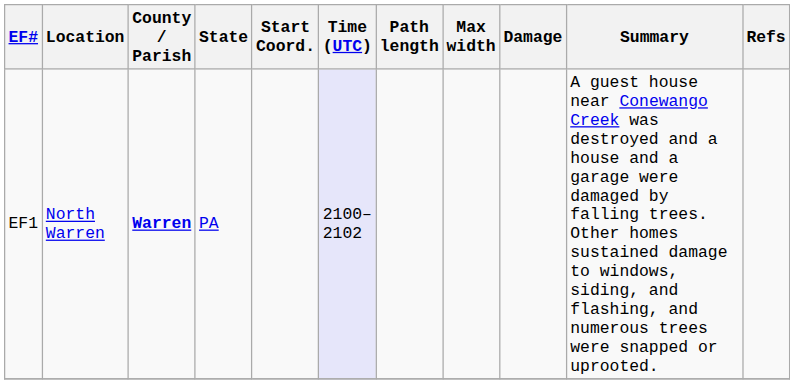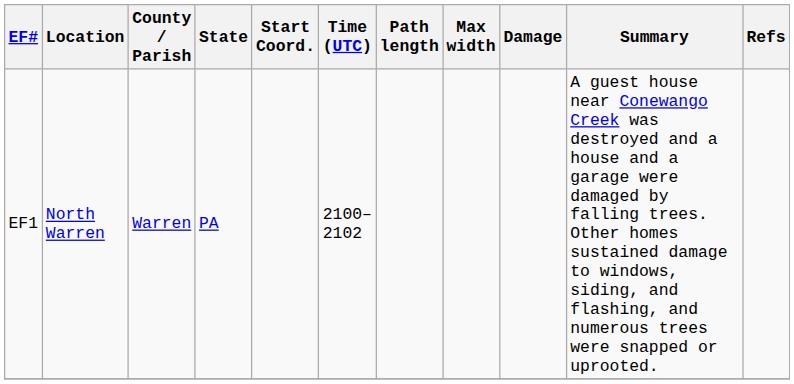 <table class="wikitable sortable" style="width:100%;">
 <tr>
 <th scope="col" width="3%" align="center"><a href='#'>EF#</a></th>
 <th scope="col" width="7%" align="center" class="unsortable">Location</th>
 <th scope="col" width="6%" align="center" class="unsortable">County / Parish</th>
 <th scope="col" width="5%" align="center">State</th>
 <th scope="col" width="6%" align="center">Start Coord.</th>
 <th scope="col" width="6%" align="center">Time (<a href='#'>UTC</a>)</th>
 <th scope="col" width="6%" align="center">Path length</th>
 <th scope="col" width="6%" align="center">Max width</th>
 <th scope="col" width="6%" align="center">Damage</th>
 <th scope="col" width="48%" class="unsortable" align="center">Summary</th>
 <th scope="col" width="48%" class="unsortable" align="center">Refs</th>
 </tr>
 <tr>
 <td>EF1</td>
 <td><a href='#'>North Warren</a></td>
-<td><strong><a href='#'>Warren</a></strong></td>
+<td><a href='#'>Warren</a></td>
 <td><a href='#'>PA</a></td>
 <td></td>
-<td style="background: lavender;">2100–2102</td>
+<td>2100–2102</td>
 <td></td>
 <td></td>
 <td></td>
 <td>A guest house near <a href='#'>Conewango Creek</a> was destroyed and a house and a garage were damaged by falling trees. Other homes sustained damage to windows, siding, and flashing, and numerous trees were snapped or uprooted.</td>
 <td></td>
 </tr>
 <tr>
 </tr>
 </table>
